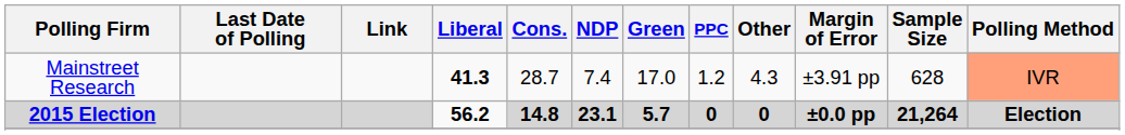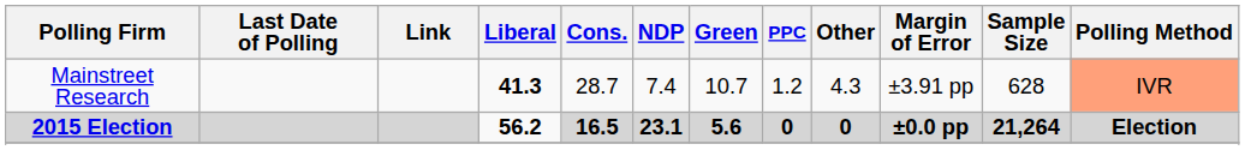 <table class="wikitable sortable" style="text-align:center;font-size:90%;line-height:14px;">
 <tr style="background:#e9e9e9;">
 <th style="width:120px">Polling Firm</th>
 <th style="width:110px">Last Date<br>of Polling</th>
 <th style="width:60px" class="unsortable">Link</th>
 <th style="background-color:"><strong><a href='#'>Liberal</a></strong></th>
 <th style="background-color:"><strong><a href='#'>Cons.</a></strong></th>
 <th style="background-color:"><strong><a href='#'>NDP</a></strong></th>
 <th style="background-color:"><strong><a href='#'>Green</a></strong></th>
 <th style="background-color:"><strong><small><a href='#'>PPC</a></small></strong></th>
 <th style="background-color:"><strong>Other</strong></th>
 <th style="width:60px;" class="unsortable">Margin<br>of Error</th>
 <th style="width:50px;" class="unsortable">Sample<br>Size</th>
 <th class="unsortable">Polling Method</th>
 </tr>
 <tr>
 <td><a href='#'>Mainstreet Research</a></td>
 <td></td>
 <td></td>
 <td><strong>41.3</strong></td>
 <td>28.7</td>
 <td>7.4</td>
-<td>17.0</td>
+<td>10.7</td>
 <td>1.2</td>
 <td>4.3</td>
 <td>±3.91 pp</td>
 <td>628</td>
 <td style="background: lightsalmon;">IVR</td>
 </tr>
 <tr>
 <td style="background:#D5D5D5"><strong><a href='#'>2015 Election</a></strong></td>
 <td style="background:#D5D5D5"><strong></strong></td>
 <td style="background:#D5D5D5"></td>
 <td><strong>56.2</strong></td>
-<td style="background:#D5D5D5"><strong>14.8</strong></td>
+<td style="background:#D5D5D5"><strong>16.5</strong></td>
 <td style="background:#D5D5D5"><strong>23.1</strong></td>
-<td style="background:#D5D5D5"><strong>5.7</strong></td>
+<td style="background:#D5D5D5"><strong>5.6</strong></td>
 <td style="background:#D5D5D5"><strong>0</strong></td>
 <td style="background:#D5D5D5"><strong>0</strong></td>
 <td style="background:#D5D5D5"><strong>±0.0 pp</strong></td>
 <td style="background:#D5D5D5"><strong>21,264</strong></td>
 <td style="background:#D5D5D5"><strong>Election</strong></td>
 </tr>
 <tr>
 </tr>
 <tr>
 </tr>
 </table>
